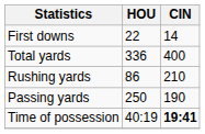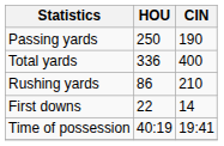 <table class="wikitable">
 <tr>
 <th>Statistics</th>
 <th>HOU</th>
 <th>CIN</th>
 </tr>
 <tr>
-<td>First downs</td>
-<td>22</td>
-<td>14</td>
+<td>Passing yards</td>
+<td>250</td>
+<td>190</td>
 </tr>
 <tr>
 <td>Total yards</td>
 <td>336</td>
 <td>400</td>
 </tr>
 <tr>
 <td>Rushing yards</td>
 <td>86</td>
 <td>210</td>
 </tr>
 <tr>
-<td>Passing yards</td>
-<td>250</td>
-<td>190</td>
+<td>First downs</td>
+<td>22</td>
+<td>14</td>
 </tr>
 <tr>
 <td>Time of possession</td>
 <td>40:19</td>
-<td><strong>19:41</strong></td>
+<td>19:41</td>
 </tr>
 <tr>
 </tr>
 </table>
